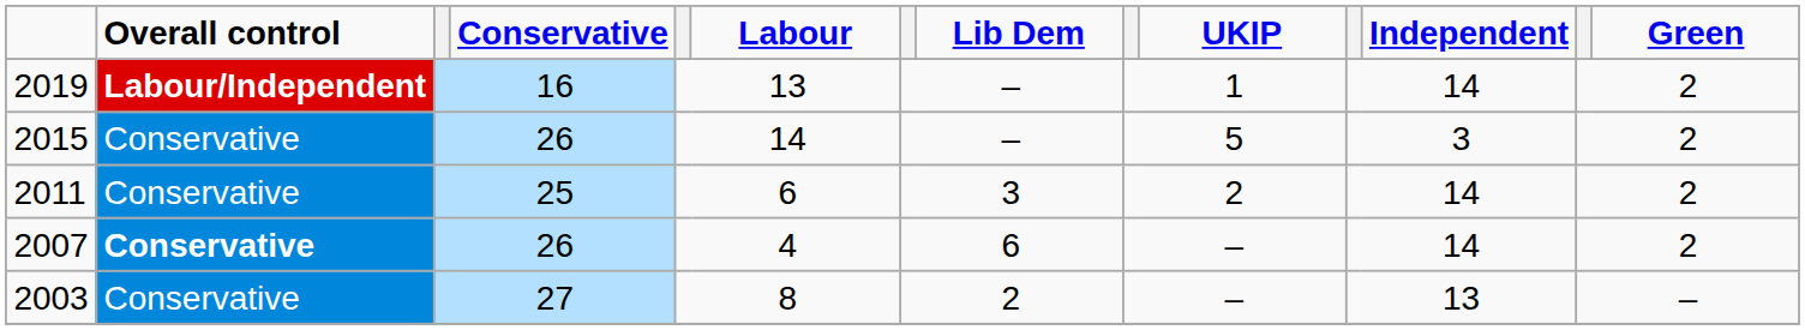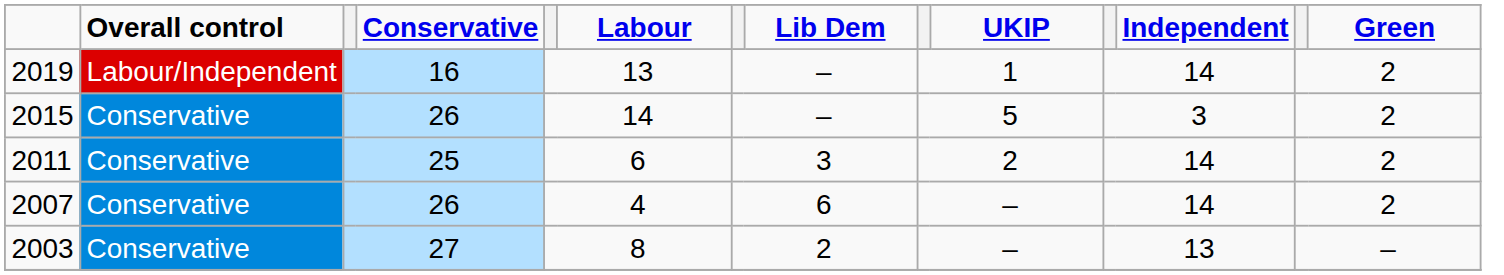 <table class="wikitable" style="text-align:left; padding-left:1em; font-size: 95%">
 <tr>
 <td width=32></td>
 <td width=90><strong>Overall control</strong></td>
 <th style="background-color: "></th>
 <td width=87 align="center"><strong><a href='#'>Conservative</a></strong></td>
 <th style="background-color: "></th>
 <td width=87 align="center"><strong><a href='#'>Labour</a></strong></td>
 <th style="background-color: "></th>
 <td width=87 align="center"><strong><a href='#'>Lib Dem</a></strong></td>
 <th style="background-color: "></th>
 <td width=87 align="center"><strong><a href='#'>UKIP</a></strong></td>
 <th style="background-color: "></th>
 <td width=87 align="center"><strong><a href='#'>Independent</a></strong></td>
 <th style="background-color: "></th>
 <td width=87 align="center"><strong><a href='#'>Green</a></strong></td>
 </tr>
 <tr>
 <td>2019</td>
-<td style="background:#dc0000; color:white"><strong>Labour/Independent</strong></td>
+<td style="background:#dc0000; color:white">Labour/Independent</td>
 <td colspan=2 align="center" style="background:#B3E0FF">16</td>
 <td colspan=2 align="center">13</td>
 <td colspan=2 align="center">–</td>
 <td colspan=2 align="center">1</td>
 <td colspan=2 align="center">14</td>
 <td colspan=2 align="center">2</td>
 </tr>
 <tr>
 <td>2015</td>
 <td style="background:#0087DC; color:white">Conservative</td>
 <td colspan=2 align="center" style="background:#B3E0FF">26</td>
 <td colspan=2 align="center">14</td>
 <td colspan=2 align="center">–</td>
 <td colspan=2 align="center">5</td>
 <td colspan=2 align="center">3</td>
 <td colspan=2 align="center">2</td>
 </tr>
 <tr>
 <td>2011</td>
 <td style="background:#0087DC; color:white">Conservative</td>
 <td colspan=2 align="center" style="background:#B3E0FF">25</td>
 <td colspan=2 align="center">6</td>
 <td colspan=2 align="center">3</td>
 <td colspan=2 align="center">2</td>
 <td colspan=2 align="center">14</td>
 <td colspan=2 align="center">2</td>
 </tr>
 <tr>
 <td>2007</td>
-<td style="background:#0087DC; color:white"><strong>Conservative</strong></td>
+<td style="background:#0087DC; color:white">Conservative</td>
 <td colspan=2 align="center" style="background:#B3E0FF">26</td>
 <td colspan=2 align="center">4</td>
 <td colspan=2 align="center">6</td>
 <td colspan=2 align="center">–</td>
 <td colspan=2 align="center">14</td>
 <td colspan=2 align="center">2</td>
 </tr>
 <tr>
 <td>2003</td>
 <td style="background:#0087DC; color:white">Conservative</td>
 <td colspan=2 align="center" style="background:#B3E0FF">27</td>
 <td colspan=2 align="center">8</td>
 <td colspan=2 align="center">2</td>
 <td colspan=2 align="center">–</td>
 <td colspan=2 align="center">13</td>
 <td colspan=2 align="center">–</td>
 </tr>
 <tr>
 </tr>
 </table>
